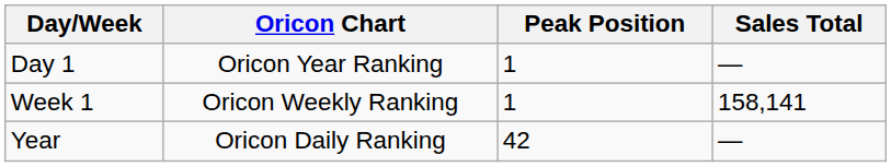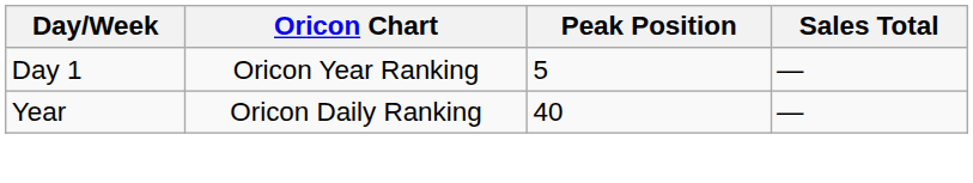 <table class="wikitable" width="575px">
 <tr>
 <th align="left">Day/Week</th>
 <th align="left"><a href='#'>Oricon</a> Chart</th>
 <th align="left">Peak Position</th>
 <th align="left">Sales Total</th>
 </tr>
 <tr>
 <td align="left">Day 1</td>
 <td align="center">Oricon Year Ranking</td>
-<td align="left">1</td>
+<td align="left">5</td>
 <td align="left">—</td>
-</tr>
-<tr>
-<td align="left">Week 1</td>
-<td align="center">Oricon Weekly Ranking</td>
-<td align="left">1</td>
-<td align="left">158,141</td>
 </tr>
 <tr>
 <td align="left">Year</td>
 <td align="center">Oricon Daily Ranking</td>
-<td align="left">42</td>
+<td align="left">40</td>
 <td align="left">—</td>
 </tr>
 </table>
